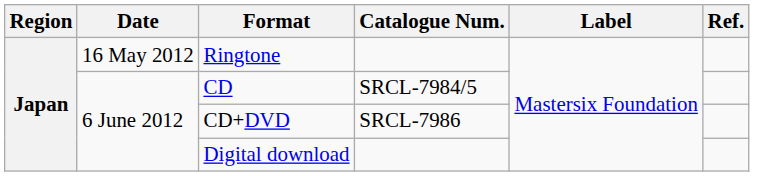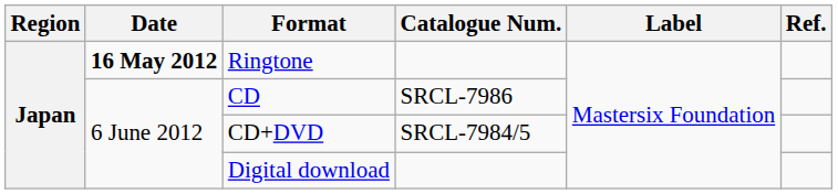 <table class="wikitable sortable plainrowheaders">
 <tr>
 <th scope="col">Region</th>
 <th scope="col">Date</th>
 <th scope="col">Format</th>
 <th scope="col">Catalogue Num.</th>
 <th scope="col">Label</th>
 <th scope="col">Ref.</th>
 </tr>
 <tr>
 <th scope="row" rowspan="5">Japan</th>
-<td>16 May 2012</td>
+<td><strong>16 May 2012</strong></td>
 <td><a href='#'>Ringtone</a></td>
 <td></td>
 <td rowspan="4"><a href='#'>Mastersix Foundation</a></td>
 <td></td>
 </tr>
 <tr>
 <td rowspan="3">6 June 2012</td>
 <td><a href='#'>CD</a></td>
-<td>SRCL-7984/5</td>
+<td>SRCL-7986</td>
 <td></td>
 </tr>
 <tr>
 <td>CD+<a href='#'>DVD</a></td>
-<td>SRCL-7986</td>
+<td>SRCL-7984/5</td>
 <td></td>
 </tr>
 <tr>
 <td><a href='#'>Digital download</a></td>
 <td></td>
 <td></td>
 </tr>
 </table>
